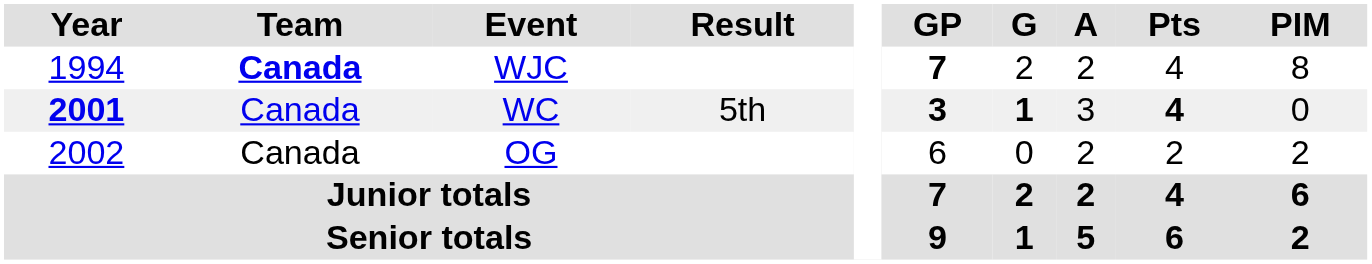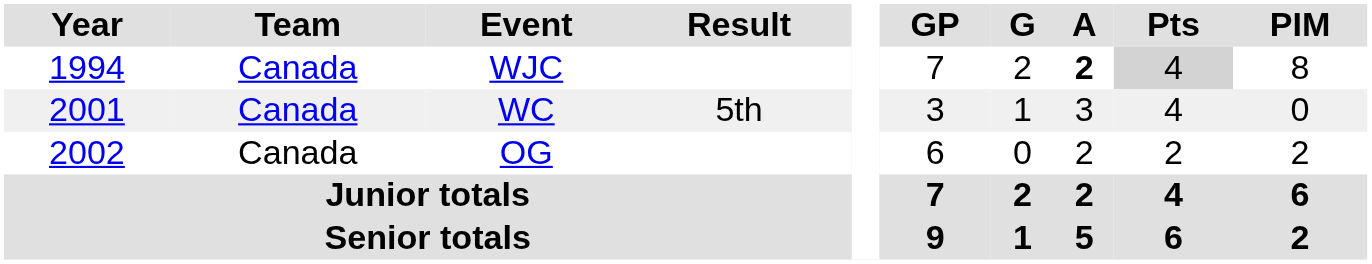 <table border="0" cellpadding="1" cellspacing="0" style="text-align:center; width:40em">
 <tr ALIGN="center" bgcolor="#e0e0e0">
 <th>Year</th>
 <th>Team</th>
 <th>Event</th>
 <th>Result</th>
 <th rowspan="99" bgcolor="#ffffff"> </th>
 <th>GP</th>
 <th>G</th>
 <th>A</th>
 <th>Pts</th>
 <th>PIM</th>
 </tr>
 <tr>
 <td><a href='#'>1994</a></td>
-<td><strong><a href='#'>Canada</a></strong></td>
+<td><a href='#'>Canada</a></td>
 <td><a href='#'>WJC</a></td>
 <td></td>
-<td><strong>7</strong></td>
+<td>7</td>
 <td>2</td>
-<td>2</td>
-<td>4</td>
+<td><strong>2</strong></td>
+<td style="background: lightgrey;">4</td>
 <td>8</td>
 </tr>
 <tr bgcolor="#f0f0f0">
-<td><strong><a href='#'>2001</a></strong></td>
+<td><a href='#'>2001</a></td>
 <td><a href='#'>Canada</a></td>
 <td><a href='#'>WC</a></td>
 <td>5th</td>
-<td><strong>3</strong></td>
-<td><strong>1</strong></td>
 <td>3</td>
-<td><strong>4</strong></td>
+<td>1</td>
+<td>3</td>
+<td>4</td>
 <td>0</td>
 </tr>
 <tr>
 <td><a href='#'>2002</a></td>
 <td>Canada</td>
 <td><a href='#'>OG</a></td>
 <td></td>
 <td>6</td>
 <td>0</td>
 <td>2</td>
 <td>2</td>
 <td>2</td>
 </tr>
 <tr bgcolor="#e0e0e0">
 <th colspan=4>Junior totals</th>
 <th>7</th>
 <th>2</th>
 <th>2</th>
 <th>4</th>
 <th>6</th>
 </tr>
 <tr bgcolor="#e0e0e0">
 <th colspan=4>Senior totals</th>
 <th>9</th>
 <th>1</th>
 <th>5</th>
 <th>6</th>
 <th>2</th>
 </tr>
 </table>
